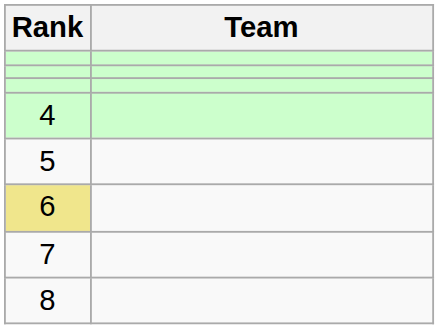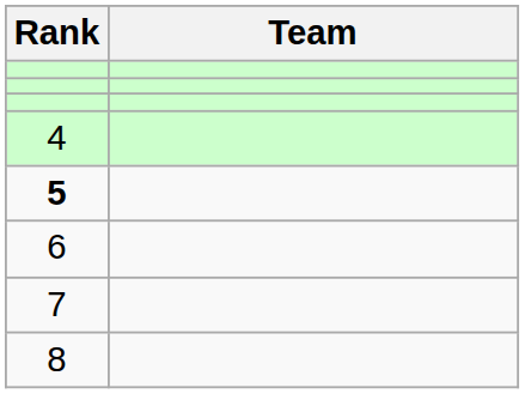 <table class=wikitable style="text-align:center;">
 <tr>
 <th>Rank</th>
 <th width=180>Team</th>
 </tr>
 <tr bgcolor=ccffcc>
 <td></td>
 <td align=left></td>
 </tr>
 <tr bgcolor=ccffcc>
 <td></td>
 <td align=left></td>
 </tr>
 <tr bgcolor=ccffcc>
 <td></td>
 <td align=left></td>
 </tr>
 <tr bgcolor=ccffcc>
 <td>4</td>
 <td align=left></td>
 </tr>
 <tr>
-<td>5</td>
+<td><strong>5</strong></td>
 <td align=left></td>
 </tr>
 <tr>
-<td style="background: khaki;">6</td>
+<td>6</td>
 <td align=left></td>
 </tr>
 <tr>
 <td>7</td>
 <td align=left></td>
 </tr>
 <tr>
 <td>8</td>
 <td align=left></td>
 </tr>
 </table>
